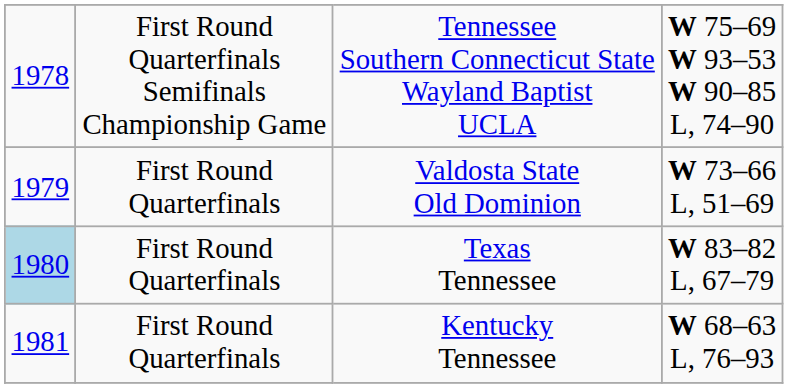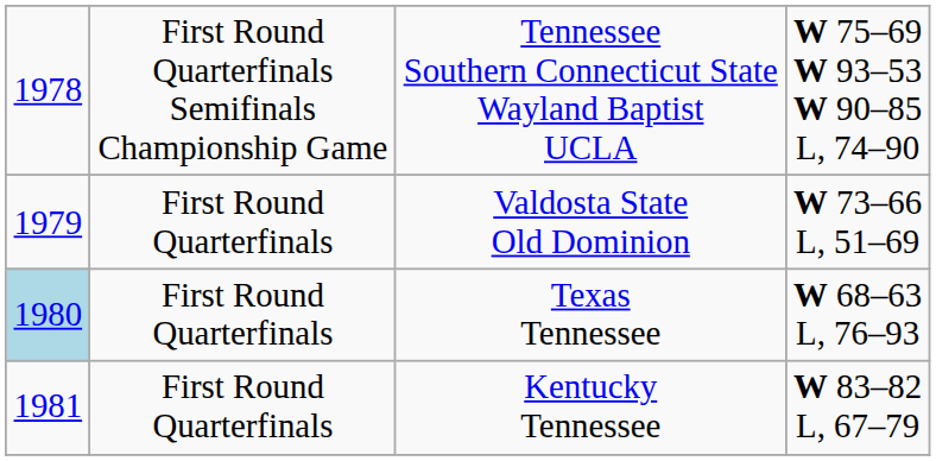 <table class="wikitable">
 <tr align="center">
 <td><a href='#'>1978</a></td>
 <td>First Round<br>Quarterfinals<br>Semifinals<br>Championship Game</td>
 <td><a href='#'>Tennessee</a><br><a href='#'>Southern Connecticut State</a><br><a href='#'>Wayland Baptist</a><br><a href='#'>UCLA</a></td>
 <td><strong>W</strong> 75–69<br><strong>W</strong> 93–53<br><strong>W</strong> 90–85<br>L, 74–90</td>
 </tr>
 <tr align="center">
 <td><a href='#'>1979</a></td>
 <td>First Round<br>Quarterfinals</td>
 <td><a href='#'>Valdosta State</a><br><a href='#'>Old Dominion</a></td>
 <td><strong>W</strong> 73–66<br>L, 51–69</td>
 </tr>
 <tr align="center">
 <td style="background: lightblue;"><a href='#'>1980</a></td>
 <td>First Round<br>Quarterfinals</td>
 <td><a href='#'>Texas</a><br>Tennessee</td>
-<td><strong>W</strong> 83–82<br>L, 67–79</td>
+<td><strong>W</strong> 68–63<br>L, 76–93</td>
 </tr>
 <tr align="center">
 <td><a href='#'>1981</a></td>
 <td>First Round<br>Quarterfinals</td>
 <td><a href='#'>Kentucky</a><br>Tennessee</td>
-<td><strong>W</strong> 68–63<br>L, 76–93</td>
+<td><strong>W</strong> 83–82<br>L, 67–79</td>
 </tr>
 </table>
